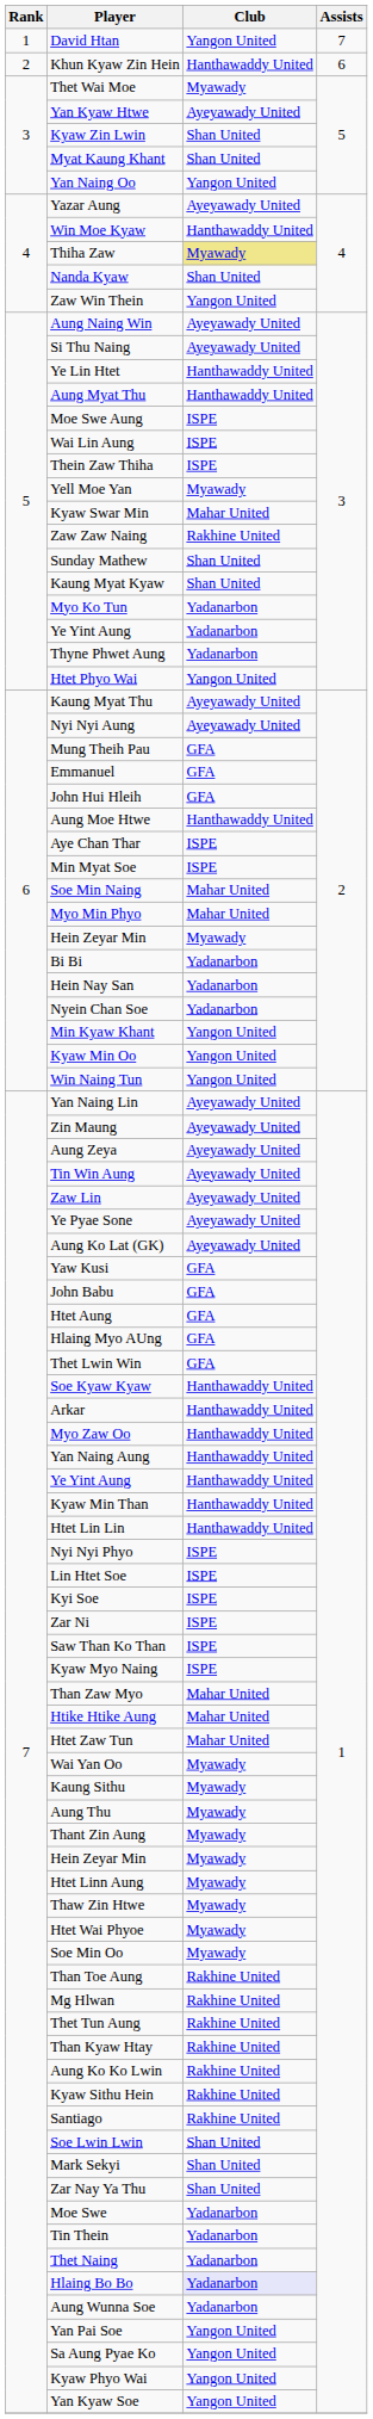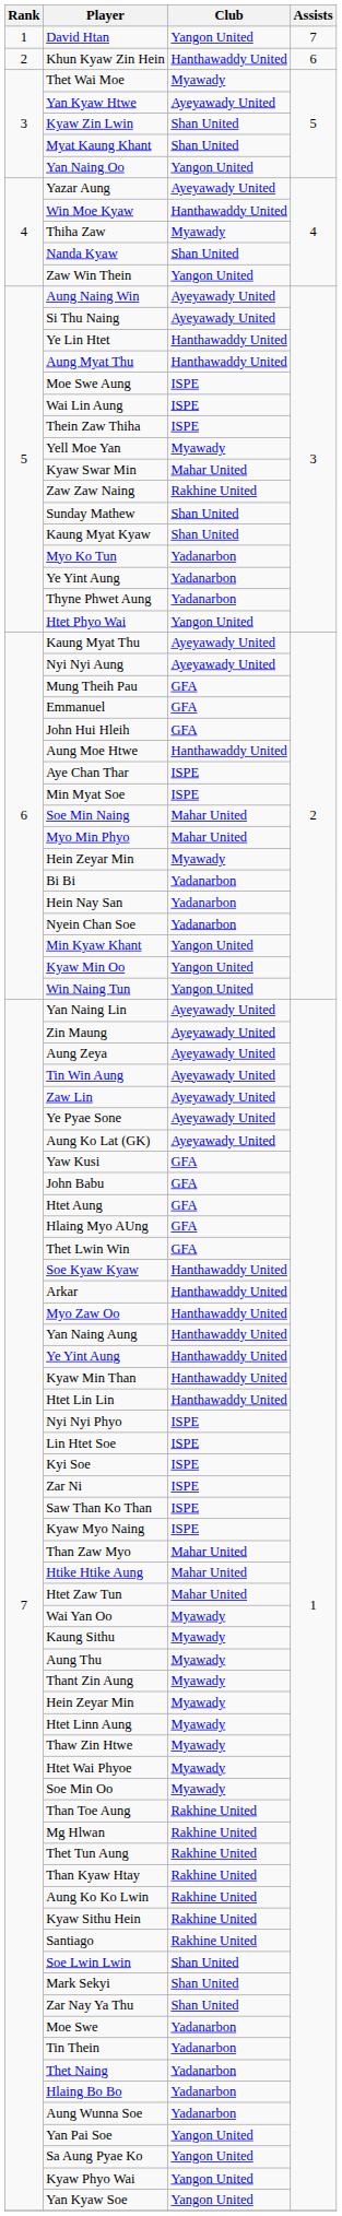 <table class="wikitable" style="text-align:center">
 <tr>
 <th>Rank</th>
 <th>Player</th>
 <th>Club</th>
 <th>Assists</th>
 </tr>
 <tr>
 <td>1</td>
 <td align="left"> <a href='#'>David Htan</a></td>
 <td align="left"><a href='#'>Yangon United</a></td>
 <td>7</td>
 </tr>
 <tr>
 <td>2</td>
 <td align="left"> Khun Kyaw Zin Hein</td>
 <td align="left"><a href='#'>Hanthawaddy United</a></td>
 <td>6</td>
 </tr>
 <tr>
 <td rowspan="5">3</td>
 <td align="left"> Thet Wai Moe</td>
 <td align="left"><a href='#'>Myawady</a></td>
 <td rowspan="5">5</td>
 </tr>
 <tr>
 <td align="left"> <a href='#'>Yan Kyaw Htwe</a></td>
 <td align="left"><a href='#'>Ayeyawady United</a></td>
 </tr>
 <tr>
 <td align="left"> <a href='#'>Kyaw Zin Lwin</a></td>
 <td align="left"><a href='#'>Shan United</a></td>
 </tr>
 <tr>
 <td align="left"> <a href='#'>Myat Kaung Khant</a></td>
 <td align="left"><a href='#'>Shan United</a></td>
 </tr>
 <tr>
 <td align="left"> <a href='#'>Yan Naing Oo</a></td>
 <td align="left"><a href='#'>Yangon United</a></td>
 </tr>
 <tr>
 <td rowspan="5">4</td>
 <td align="left"> Yazar Aung</td>
 <td align="left"><a href='#'>Ayeyawady United</a></td>
 <td rowspan="5">4</td>
 </tr>
 <tr>
 <td align="left"> <a href='#'>Win Moe Kyaw</a></td>
 <td align="left"><a href='#'>Hanthawaddy United</a></td>
 </tr>
 <tr>
 <td align="left"> Thiha Zaw</td>
-<td align="left" style="background: khaki;"><a href='#'>Myawady</a></td>
+<td align="left"><a href='#'>Myawady</a></td>
 </tr>
 <tr>
 <td align="left"> <a href='#'>Nanda Kyaw</a></td>
 <td align="left"><a href='#'>Shan United</a></td>
 </tr>
 <tr>
 <td align="left"> Zaw Win Thein</td>
 <td align="left"><a href='#'>Yangon United</a></td>
 </tr>
 <tr>
 <td rowspan="16">5</td>
 <td align="left"> <a href='#'>Aung Naing Win</a></td>
 <td align="left"><a href='#'>Ayeyawady United</a></td>
 <td rowspan="16">3</td>
 </tr>
 <tr>
 <td align="left"> Si Thu Naing</td>
 <td align="left"><a href='#'>Ayeyawady United</a></td>
 </tr>
 <tr>
 <td align="left"> Ye Lin Htet</td>
 <td align="left"><a href='#'>Hanthawaddy United</a></td>
 </tr>
 <tr>
 <td align="left"> <a href='#'>Aung Myat Thu</a></td>
 <td align="left"><a href='#'>Hanthawaddy United</a></td>
 </tr>
 <tr>
 <td align="left"> Moe Swe Aung</td>
 <td align="left"><a href='#'>ISPE</a></td>
 </tr>
 <tr>
 <td align="left"> Wai Lin Aung</td>
 <td align="left"><a href='#'>ISPE</a></td>
 </tr>
 <tr>
 <td align="left"> Thein Zaw Thiha</td>
 <td align="left"><a href='#'>ISPE</a></td>
 </tr>
 <tr>
 <td align="left"> Yell Moe Yan</td>
 <td align="left"><a href='#'>Myawady</a></td>
 </tr>
 <tr>
 <td align="left"> Kyaw Swar Min</td>
 <td align="left"><a href='#'>Mahar United</a></td>
 </tr>
 <tr>
 <td align="left"> Zaw Zaw Naing</td>
 <td align="left"><a href='#'>Rakhine United</a></td>
 </tr>
 <tr>
 <td align="left"> Sunday Mathew</td>
 <td align="left"><a href='#'>Shan United</a></td>
 </tr>
 <tr>
 <td align="left"> Kaung Myat Kyaw</td>
 <td align="left"><a href='#'>Shan United</a></td>
 </tr>
 <tr>
 <td align="left"> <a href='#'>Myo Ko Tun</a></td>
 <td align="left"><a href='#'>Yadanarbon</a></td>
 </tr>
 <tr>
 <td align="left"> Ye Yint Aung</td>
 <td align="left"><a href='#'>Yadanarbon</a></td>
 </tr>
 <tr>
 <td align="left"> Thyne Phwet Aung</td>
 <td align="left"><a href='#'>Yadanarbon</a></td>
 </tr>
 <tr>
 <td align="left"> <a href='#'>Htet Phyo Wai</a></td>
 <td align="left"><a href='#'>Yangon United</a></td>
 </tr>
 <tr>
 <td rowspan="17">6</td>
 <td align="left"> Kaung Myat Thu</td>
 <td align="left"><a href='#'>Ayeyawady United</a></td>
 <td rowspan="17">2</td>
 </tr>
 <tr>
 <td align="left"> Nyi Nyi Aung</td>
 <td align="left"><a href='#'>Ayeyawady United</a></td>
 </tr>
 <tr>
 <td align="left"> Mung Theih Pau</td>
 <td align="left"><a href='#'>GFA</a></td>
 </tr>
 <tr>
 <td align="left"> Emmanuel</td>
 <td align="left"><a href='#'>GFA</a></td>
 </tr>
 <tr>
 <td align="left"> John Hui Hleih</td>
 <td align="left"><a href='#'>GFA</a></td>
 </tr>
 <tr>
 <td align="left"> Aung Moe Htwe</td>
 <td align="left"><a href='#'>Hanthawaddy United</a></td>
 </tr>
 <tr>
 <td align="left">Aye Chan Thar</td>
 <td align="left"><a href='#'>ISPE</a></td>
 </tr>
 <tr>
 <td align="left"> Min Myat Soe</td>
 <td align="left"><a href='#'>ISPE</a></td>
 </tr>
 <tr>
 <td align="left"> <a href='#'>Soe Min Naing</a></td>
 <td align="left"><a href='#'>Mahar United</a></td>
 </tr>
 <tr>
 <td align="left"> <a href='#'>Myo Min Phyo</a></td>
 <td align="left"><a href='#'>Mahar United</a></td>
 </tr>
 <tr>
 <td align="left"> Hein Zeyar Min</td>
 <td align="left"><a href='#'>Myawady</a></td>
 </tr>
 <tr>
 <td align="left"> Bi Bi</td>
 <td align="left"><a href='#'>Yadanarbon</a></td>
 </tr>
 <tr>
 <td align="left"> Hein Nay San</td>
 <td align="left"><a href='#'>Yadanarbon</a></td>
 </tr>
 <tr>
 <td align="left"> Nyein Chan Soe</td>
 <td align="left"><a href='#'>Yadanarbon</a></td>
 </tr>
 <tr>
 <td align="left"> <a href='#'>Min Kyaw Khant</a></td>
 <td align="left"><a href='#'>Yangon United</a></td>
 </tr>
 <tr>
 <td align="left"> <a href='#'>Kyaw Min Oo</a></td>
 <td align="left"><a href='#'>Yangon United</a></td>
 </tr>
 <tr>
 <td align="left"> <a href='#'>Win Naing Tun</a></td>
 <td align="left"><a href='#'>Yangon United</a></td>
 </tr>
 <tr>
 <td rowspan="56">7</td>
 <td align="left"> Yan Naing Lin</td>
 <td align="left"><a href='#'>Ayeyawady United</a></td>
 <td rowspan="56">1</td>
 </tr>
 <tr>
 <td align="left"> Zin Maung</td>
 <td align="left"><a href='#'>Ayeyawady United</a></td>
 </tr>
 <tr>
 <td align="left"> Aung Zeya</td>
 <td align="left"><a href='#'>Ayeyawady United</a></td>
 </tr>
 <tr>
 <td align="left"> <a href='#'>Tin Win Aung</a></td>
 <td align="left"><a href='#'>Ayeyawady United</a></td>
 </tr>
 <tr>
 <td align="left"> <a href='#'>Zaw Lin</a></td>
 <td align="left"><a href='#'>Ayeyawady United</a></td>
 </tr>
 <tr>
 <td align="left"> Ye Pyae Sone</td>
 <td align="left"><a href='#'>Ayeyawady United</a></td>
 </tr>
 <tr>
 <td align="left"> Aung Ko Lat (GK)</td>
 <td align="left"><a href='#'>Ayeyawady United</a></td>
 </tr>
 <tr>
 <td align="left"> Yaw Kusi</td>
 <td align="left"><a href='#'>GFA</a></td>
 </tr>
 <tr>
 <td align="left"> John Babu</td>
 <td align="left"><a href='#'>GFA</a></td>
 </tr>
 <tr>
 <td align="left"> Htet Aung</td>
 <td align="left"><a href='#'>GFA</a></td>
 </tr>
 <tr>
 <td align="left"> Hlaing Myo AUng</td>
 <td align="left"><a href='#'>GFA</a></td>
 </tr>
 <tr>
 <td align="left"> Thet Lwin Win</td>
 <td align="left"><a href='#'>GFA</a></td>
 </tr>
 <tr>
 <td align="left"> <a href='#'>Soe Kyaw Kyaw</a></td>
 <td align="left"><a href='#'>Hanthawaddy United</a></td>
 </tr>
 <tr>
 <td align="left"> Arkar</td>
 <td align="left"><a href='#'>Hanthawaddy United</a></td>
 </tr>
 <tr>
 <td align="left"> <a href='#'>Myo Zaw Oo</a></td>
 <td align="left"><a href='#'>Hanthawaddy United</a></td>
 </tr>
 <tr>
 <td align="left"> Yan Naing Aung</td>
 <td align="left"><a href='#'>Hanthawaddy United</a></td>
 </tr>
 <tr>
 <td align="left"> <a href='#'>Ye Yint Aung</a></td>
 <td align="left"><a href='#'>Hanthawaddy United</a></td>
 </tr>
 <tr>
 <td align="left"> Kyaw Min Than</td>
 <td align="left"><a href='#'>Hanthawaddy United</a></td>
 </tr>
 <tr>
 <td align="left"> Htet Lin Lin</td>
 <td align="left"><a href='#'>Hanthawaddy United</a></td>
 </tr>
 <tr>
 <td align="left"> Nyi Nyi Phyo</td>
 <td align="left"><a href='#'>ISPE</a></td>
 </tr>
 <tr>
 <td align="left"> Lin Htet Soe</td>
 <td align="left"><a href='#'>ISPE</a></td>
 </tr>
 <tr>
 <td align="left">Kyi Soe</td>
 <td align="left"><a href='#'>ISPE</a></td>
 </tr>
 <tr>
 <td align="left"> Zar Ni</td>
 <td align="left"><a href='#'>ISPE</a></td>
 </tr>
 <tr>
 <td align="left"> Saw Than Ko Than</td>
 <td align="left"><a href='#'>ISPE</a></td>
 </tr>
 <tr>
 <td align="left"> Kyaw Myo Naing</td>
 <td align="left"><a href='#'>ISPE</a></td>
 </tr>
 <tr>
 <td align="left"> Than Zaw Myo</td>
 <td align="left"><a href='#'>Mahar United</a></td>
 </tr>
 <tr>
 <td align="left"> <a href='#'>Htike Htike Aung</a></td>
 <td align="left"><a href='#'>Mahar United</a></td>
 </tr>
 <tr>
 <td align="left"> Htet Zaw Tun</td>
 <td align="left"><a href='#'>Mahar United</a></td>
 </tr>
 <tr>
 <td align="left"> Wai Yan Oo</td>
 <td align="left"><a href='#'>Myawady</a></td>
 </tr>
 <tr>
 <td align="left"> Kaung Sithu</td>
 <td align="left"><a href='#'>Myawady</a></td>
 </tr>
 <tr>
 <td align="left"> Aung Thu</td>
 <td align="left"><a href='#'>Myawady</a></td>
 </tr>
 <tr>
 <td align="left"> Thant Zin Aung</td>
 <td align="left"><a href='#'>Myawady</a></td>
 </tr>
 <tr>
 <td align="left"> Hein Zeyar Min</td>
 <td align="left"><a href='#'>Myawady</a></td>
 </tr>
 <tr>
 <td align="left"> Htet Linn Aung</td>
 <td align="left"><a href='#'>Myawady</a></td>
 </tr>
 <tr>
 <td align="left"> Thaw Zin Htwe</td>
 <td align="left"><a href='#'>Myawady</a></td>
 </tr>
 <tr>
 <td align="left"> Htet Wai Phyoe</td>
 <td align="left"><a href='#'>Myawady</a></td>
 </tr>
 <tr>
 <td align="left"> Soe Min Oo</td>
 <td align="left"><a href='#'>Myawady</a></td>
 </tr>
 <tr>
 <td align="left"> Than Toe Aung</td>
 <td align="left"><a href='#'>Rakhine United</a></td>
 </tr>
 <tr>
 <td align="left"> Mg Hlwan</td>
 <td align="left"><a href='#'>Rakhine United</a></td>
 </tr>
 <tr>
 <td align="left"> Thet Tun Aung</td>
 <td align="left"><a href='#'>Rakhine United</a></td>
 </tr>
 <tr>
 <td align="left"> Than Kyaw Htay</td>
 <td align="left"><a href='#'>Rakhine United</a></td>
 </tr>
 <tr>
 <td align="left"> Aung Ko Ko Lwin</td>
 <td align="left"><a href='#'>Rakhine United</a></td>
 </tr>
 <tr>
 <td align="left"> Kyaw Sithu Hein</td>
 <td align="left"><a href='#'>Rakhine United</a></td>
 </tr>
 <tr>
 <td align="left"> Santiago</td>
 <td align="left"><a href='#'>Rakhine United</a></td>
 </tr>
 <tr>
 <td align="left"> <a href='#'>Soe Lwin Lwin</a></td>
 <td align="left"><a href='#'>Shan United</a></td>
 </tr>
 <tr>
 <td align="left"> Mark Sekyi</td>
 <td align="left"><a href='#'>Shan United</a></td>
 </tr>
 <tr>
 <td align="left"> Zar Nay Ya Thu</td>
 <td align="left"><a href='#'>Shan United</a></td>
 </tr>
 <tr>
 <td align="left"> Moe Swe</td>
 <td align="left"><a href='#'>Yadanarbon</a></td>
 </tr>
 <tr>
 <td align="left"> Tin Thein</td>
 <td align="left"><a href='#'>Yadanarbon</a></td>
 </tr>
 <tr>
 <td align="left"> <a href='#'>Thet Naing</a></td>
 <td align="left"><a href='#'>Yadanarbon</a></td>
 </tr>
 <tr>
 <td align="left"> <a href='#'>Hlaing Bo Bo</a></td>
-<td align="left" style="background: lavender;"><a href='#'>Yadanarbon</a></td>
+<td align="left"><a href='#'>Yadanarbon</a></td>
 </tr>
 <tr>
 <td align="left"> Aung Wunna Soe</td>
 <td align="left"><a href='#'>Yadanarbon</a></td>
 </tr>
 <tr>
 <td align="left"> Yan Pai Soe</td>
 <td align="left"><a href='#'>Yangon United</a></td>
 </tr>
 <tr>
 <td align="left"> Sa Aung Pyae Ko</td>
 <td align="left"><a href='#'>Yangon United</a></td>
 </tr>
 <tr>
 <td align="left"> Kyaw Phyo Wai</td>
 <td align="left"><a href='#'>Yangon United</a></td>
 </tr>
 <tr>
 <td align="left"> Yan Kyaw Soe</td>
 <td align="left"><a href='#'>Yangon United</a></td>
 </tr>
 <tr>
 </tr>
 </table>
